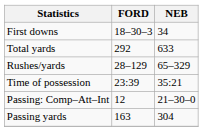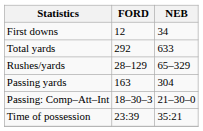 <table class="wikitable" style="float: left;">
 <tr>
 <th>Statistics</th>
 <th>FORD</th>
 <th>NEB</th>
 </tr>
 <tr>
 <td>First downs</td>
-<td>18–30–3</td>
+<td>12</td>
 <td>34</td>
 </tr>
 <tr>
 <td>Total yards</td>
 <td>292</td>
 <td>633</td>
 </tr>
 <tr>
 <td>Rushes/yards</td>
 <td>28–129</td>
 <td>65–329</td>
 </tr>
 <tr>
+<td>Passing yards</td>
+<td>163</td>
+<td>304</td>
+</tr>
+<tr>
+<td>Passing: Comp–Att–Int</td>
+<td>18–30–3</td>
+<td>21–30–0</td>
+</tr>
+<tr>
 <td>Time of possession</td>
 <td>23:39</td>
 <td>35:21</td>
 </tr>
 <tr>
-<td>Passing: Comp–Att–Int</td>
-<td>12</td>
-<td>21–30–0</td>
-</tr>
-<tr>
-<td>Passing yards</td>
-<td>163</td>
-<td>304</td>
-</tr>
-<tr>
 </tr>
 </table>
